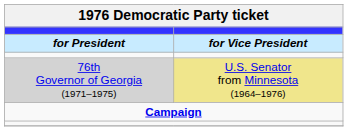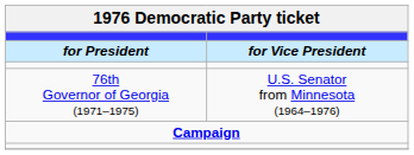 <table class="wikitable" style="font-size:90%; text-align:center;">
 <tr>
 <td style="background:#f1f1f1;" colspan="30"><big><strong>1976 Democratic Party ticket</strong></big></td>
 </tr>
 <tr>
 <th style="width:3em; font-size:135%; background:#3333FF; width:200px;"><a href='#'></a></th>
 <th style="width:3em; font-size:135%; background:#3333FF; width:200px;"><a href='#'></a></th>
 </tr>
 <tr style="color:#000; font-size:100%; background:#c8ebff;">
 <td style="width:3em; width:200px;"><strong><em>for President</em></strong></td>
 <td style="width:3em; width:200px;"><strong><em>for Vice President</em></strong></td>
 </tr>
 <tr>
 <td></td>
 <td></td>
 </tr>
 <tr>
-<td style="background: lightgrey;"><a href='#'>76th</a><br><a href='#'>Governor of Georgia</a><br><small>(1971–1975)</small></td>
-<td style="background: khaki;"><a href='#'>U.S. Senator</a><br>from <a href='#'>Minnesota</a><br><small>(1964–1976)</small></td>
+<td><a href='#'>76th</a><br><a href='#'>Governor of Georgia</a><br><small>(1971–1975)</small></td>
+<td><a href='#'>U.S. Senator</a><br>from <a href='#'>Minnesota</a><br><small>(1964–1976)</small></td>
 </tr>
 <tr>
 <td colspan=2><strong><a href='#'>Campaign</a></strong></td>
 </tr>
 <tr>
 <td colspan=2></td>
 </tr>
 <tr>
 </tr>
 </table>
